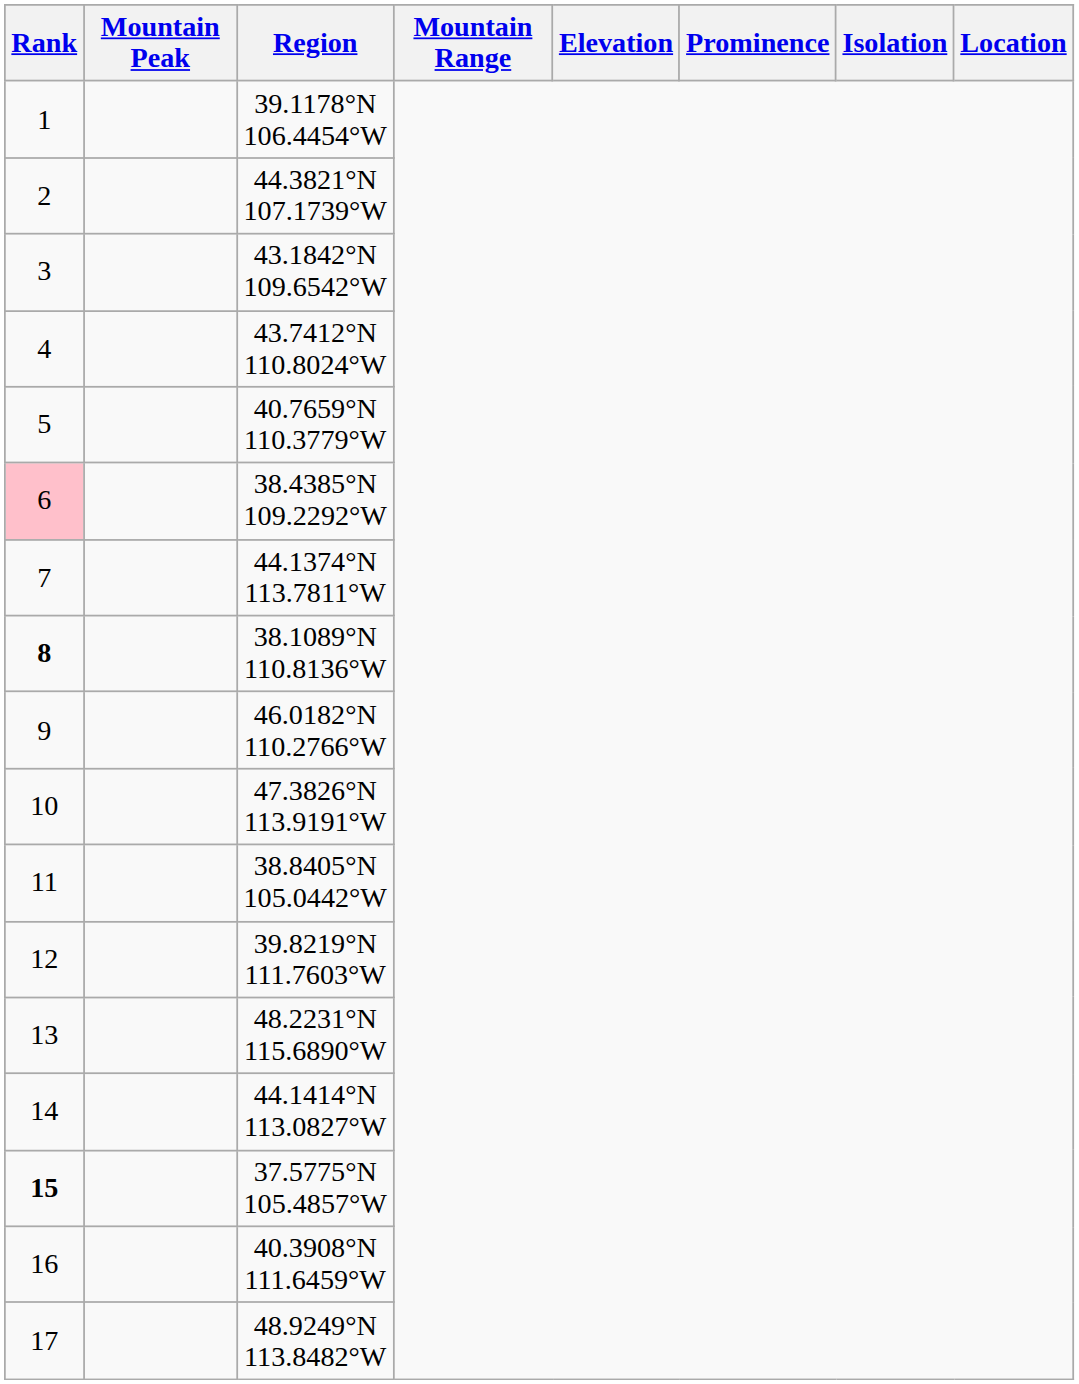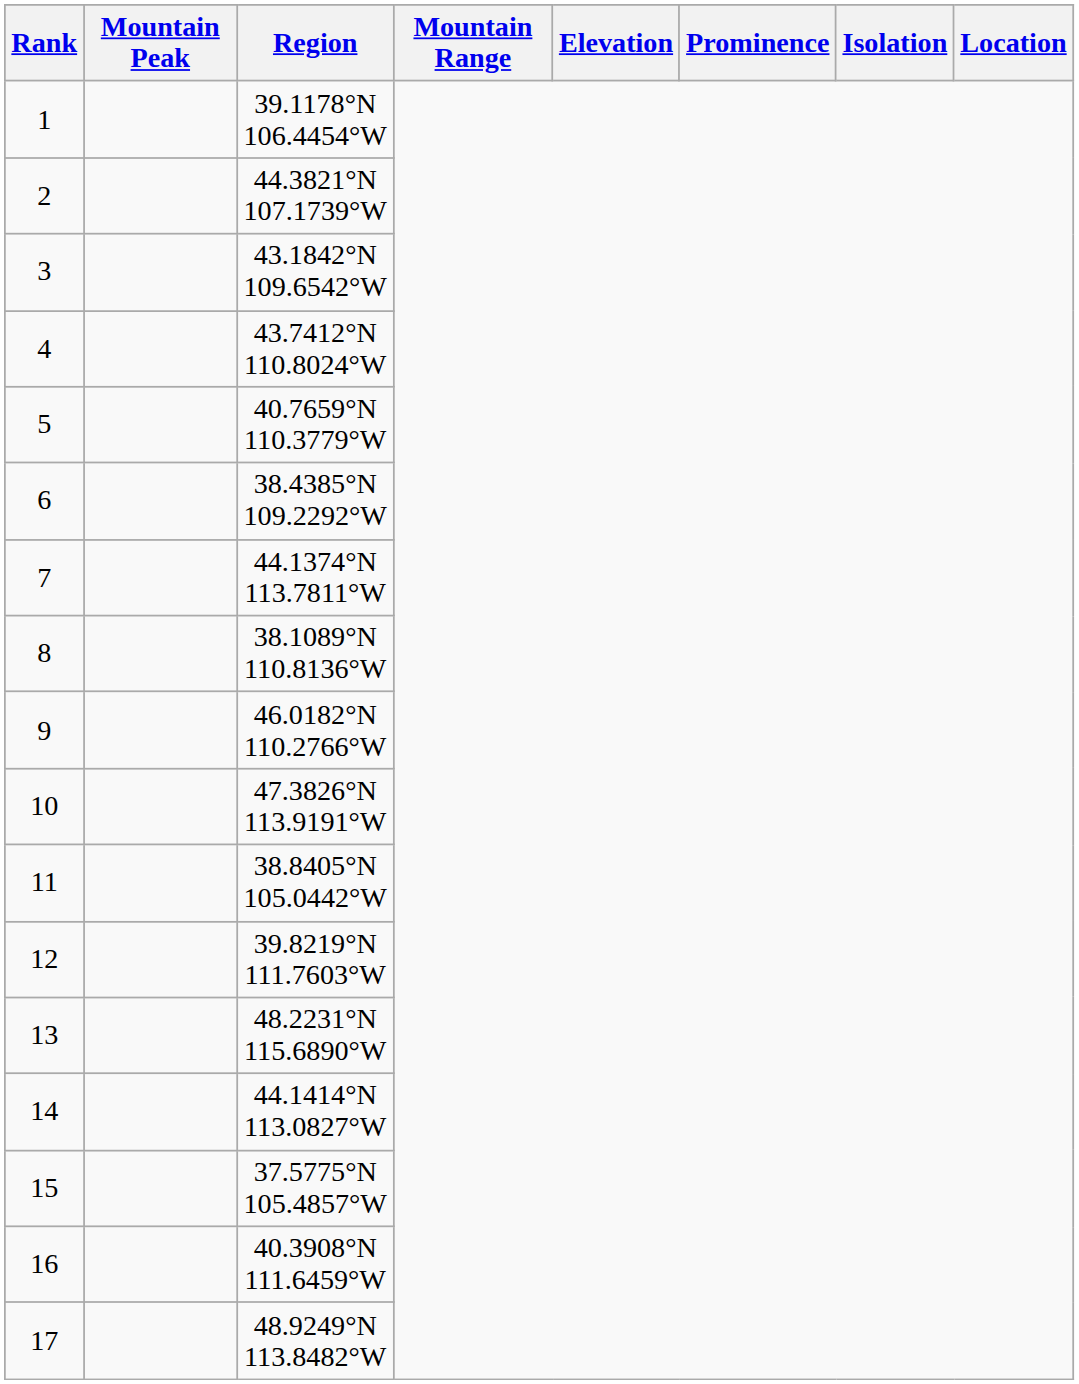 <table class="wikitable sortable">
 <tr>
 <th><a href='#'>Rank</a></th>
 <th><a href='#'>Mountain Peak</a></th>
 <th><a href='#'>Region</a></th>
 <th><a href='#'>Mountain Range</a></th>
 <th><a href='#'>Elevation</a></th>
 <th><a href='#'>Prominence</a></th>
 <th><a href='#'>Isolation</a></th>
 <th><a href='#'>Location</a></th>
 </tr>
 <tr>
 <td align=center>1<br></td>
 <td><br> </td>
 <td align=center>39.1178°N<br>106.4454°W</td>
 </tr>
 <tr>
 <td align=center>2<br></td>
 <td><br> </td>
 <td align=center>44.3821°N<br>107.1739°W</td>
 </tr>
 <tr>
 <td align=center>3<br></td>
 <td><br> </td>
 <td align=center>43.1842°N<br>109.6542°W</td>
 </tr>
 <tr>
 <td align=center>4<br></td>
 <td><br> </td>
 <td align=center>43.7412°N<br>110.8024°W</td>
 </tr>
 <tr>
 <td align=center>5<br></td>
 <td><br> </td>
 <td align=center>40.7659°N<br>110.3779°W</td>
 </tr>
 <tr>
-<td align=center style="background: pink;">6<br></td>
+<td align=center>6<br></td>
 <td><br> </td>
 <td align=center>38.4385°N<br>109.2292°W</td>
 </tr>
 <tr>
 <td align=center>7<br></td>
 <td><br> </td>
 <td align=center>44.1374°N<br>113.7811°W</td>
 </tr>
 <tr>
-<td align=center><strong>8<br></strong></td>
+<td align=center>8<br></td>
 <td><br> </td>
 <td align=center>38.1089°N<br>110.8136°W</td>
 </tr>
 <tr>
 <td align=center>9<br></td>
 <td><br> </td>
 <td align=center>46.0182°N<br>110.2766°W</td>
 </tr>
 <tr>
 <td align=center>10<br></td>
 <td><br> </td>
 <td align=center>47.3826°N<br>113.9191°W</td>
 </tr>
 <tr>
 <td align=center>11<br></td>
 <td><br> </td>
 <td align=center>38.8405°N<br>105.0442°W</td>
 </tr>
 <tr>
 <td align=center>12<br></td>
 <td><br> </td>
 <td align=center>39.8219°N<br>111.7603°W</td>
 </tr>
 <tr>
 <td align=center>13<br></td>
 <td><br> </td>
 <td align=center>48.2231°N<br>115.6890°W</td>
 </tr>
 <tr>
 <td align=center>14<br></td>
 <td><br> </td>
 <td align=center>44.1414°N<br>113.0827°W</td>
 </tr>
 <tr>
-<td align=center><strong>15<br></strong></td>
+<td align=center>15<br></td>
 <td><br> </td>
 <td align=center>37.5775°N<br>105.4857°W</td>
 </tr>
 <tr>
 <td align=center>16<br></td>
 <td><br> </td>
 <td align=center>40.3908°N<br>111.6459°W</td>
 </tr>
 <tr>
 <td align=center>17<br></td>
 <td><br> </td>
 <td align=center>48.9249°N<br>113.8482°W</td>
 </tr>
 </table>
